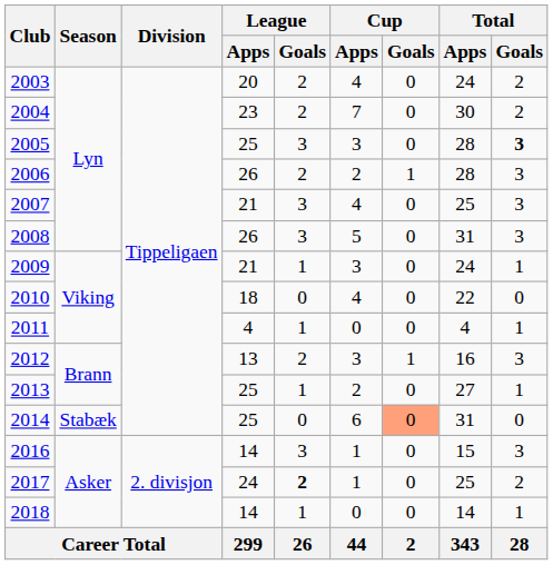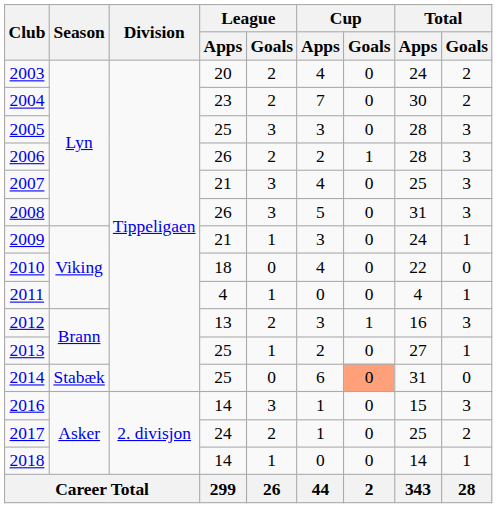 <table class="wikitable" style="text-align: center;">
 <tr>
 <th rowspan="2">Club</th>
 <th rowspan="2">Season</th>
 <th rowspan="2">Division</th>
 <th colspan="2">League</th>
 <th colspan="2">Cup</th>
 <th colspan="2">Total</th>
 </tr>
 <tr>
 <th>Apps</th>
 <th>Goals</th>
 <th>Apps</th>
 <th>Goals</th>
 <th>Apps</th>
 <th>Goals</th>
 </tr>
 <tr>
 <td><a href='#'>2003</a></td>
 <td rowspan="6" valign="center"><a href='#'>Lyn</a></td>
 <td rowspan="12" valign="center"><a href='#'>Tippeligaen</a></td>
 <td>20</td>
 <td>2</td>
 <td>4</td>
 <td>0</td>
 <td>24</td>
 <td>2</td>
 </tr>
 <tr>
 <td><a href='#'>2004</a></td>
 <td>23</td>
 <td>2</td>
 <td>7</td>
 <td>0</td>
 <td>30</td>
 <td>2</td>
 </tr>
 <tr>
 <td><a href='#'>2005</a></td>
 <td>25</td>
 <td>3</td>
 <td>3</td>
 <td>0</td>
 <td>28</td>
-<td><strong>3</strong></td>
+<td>3</td>
 </tr>
 <tr>
 <td><a href='#'>2006</a></td>
 <td>26</td>
 <td>2</td>
 <td>2</td>
 <td>1</td>
 <td>28</td>
 <td>3</td>
 </tr>
 <tr>
 <td><a href='#'>2007</a></td>
 <td>21</td>
 <td>3</td>
 <td>4</td>
 <td>0</td>
 <td>25</td>
 <td>3</td>
 </tr>
 <tr>
 <td><a href='#'>2008</a></td>
 <td>26</td>
 <td>3</td>
 <td>5</td>
 <td>0</td>
 <td>31</td>
 <td>3</td>
 </tr>
 <tr>
 <td><a href='#'>2009</a></td>
 <td rowspan="3" valign="center"><a href='#'>Viking</a></td>
 <td>21</td>
 <td>1</td>
 <td>3</td>
 <td>0</td>
 <td>24</td>
 <td>1</td>
 </tr>
 <tr>
 <td><a href='#'>2010</a></td>
 <td>18</td>
 <td>0</td>
 <td>4</td>
 <td>0</td>
 <td>22</td>
 <td>0</td>
 </tr>
 <tr>
 <td><a href='#'>2011</a></td>
 <td>4</td>
 <td>1</td>
 <td>0</td>
 <td>0</td>
 <td>4</td>
 <td>1</td>
 </tr>
 <tr>
 <td><a href='#'>2012</a></td>
 <td rowspan="2" valign="center"><a href='#'>Brann</a></td>
 <td>13</td>
 <td>2</td>
 <td>3</td>
 <td>1</td>
 <td>16</td>
 <td>3</td>
 </tr>
 <tr>
 <td><a href='#'>2013</a></td>
 <td>25</td>
 <td>1</td>
 <td>2</td>
 <td>0</td>
 <td>27</td>
 <td>1</td>
 </tr>
 <tr>
 <td><a href='#'>2014</a></td>
 <td rowspan="1" valign="center"><a href='#'>Stabæk</a></td>
 <td>25</td>
 <td>0</td>
 <td>6</td>
 <td style="background: lightsalmon;">0</td>
 <td>31</td>
 <td>0</td>
 </tr>
 <tr>
 <td><a href='#'>2016</a></td>
 <td rowspan="3" valign="center"><a href='#'>Asker</a></td>
 <td rowspan="3" valign="center"><a href='#'>2. divisjon</a></td>
 <td>14</td>
 <td>3</td>
 <td>1</td>
 <td>0</td>
 <td>15</td>
 <td>3</td>
 </tr>
 <tr>
 <td><a href='#'>2017</a></td>
 <td>24</td>
-<td><strong>2</strong></td>
+<td>2</td>
 <td>1</td>
 <td>0</td>
 <td>25</td>
 <td>2</td>
 </tr>
 <tr>
 <td><a href='#'>2018</a></td>
 <td>14</td>
 <td>1</td>
 <td>0</td>
 <td>0</td>
 <td>14</td>
 <td>1</td>
 </tr>
 <tr>
 <th colspan="3">Career Total</th>
 <th>299</th>
 <th>26</th>
 <th>44</th>
 <th>2</th>
 <th>343</th>
 <th>28</th>
 </tr>
 </table>
